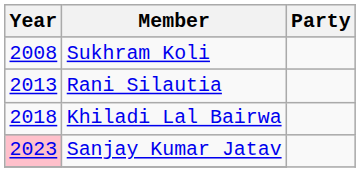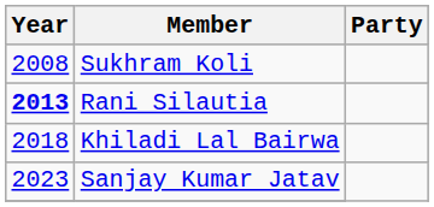 <table class="wikitable sortable">
 <tr>
 <th>Year</th>
 <th>Member</th>
 <th colspan=2>Party</th>
 </tr>
 <tr>
 <td><a href='#'>2008</a></td>
 <td><a href='#'>Sukhram Koli</a></td>
 <td></td>
 </tr>
 <tr>
-<td><a href='#'>2013</a></td>
+<td><strong><a href='#'>2013</a></strong></td>
 <td><a href='#'>Rani Silautia</a></td>
 </tr>
 <tr>
 <td><a href='#'>2018</a></td>
 <td><a href='#'>Khiladi Lal Bairwa</a></td>
 <td></td>
 </tr>
 <tr>
-<td style="background: pink;"><a href='#'>2023</a></td>
+<td><a href='#'>2023</a></td>
 <td><a href='#'>Sanjay Kumar Jatav</a></td>
 </tr>
 <tr>
 </tr>
 </table>
